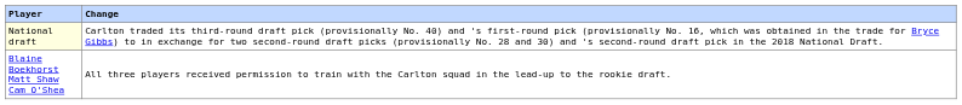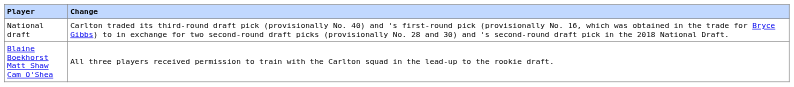 <table border="1" cellpadding="4" cellspacing="0"  style="text-align:left; font-size:95%; border-collapse:collapse; width:80%;">
 <tr style="background:#C1D8FF;">
 <th>Player</th>
 <th>Change</th>
 </tr>
 <tr>
-<td style="background: lightyellow;"> National draft</td>
+<td> National draft</td>
 <td>Carlton traded its third-round draft pick (provisionally No. 40) and 's first-round pick (provisionally No. 16, which was obtained in the trade for <a href='#'>Bryce Gibbs</a>) to  in exchange for two second-round draft picks (provisionally No. 28 and 30) and 's second-round draft pick in the 2018 National Draft.</td>
 </tr>
 <tr>
 <td> <a href='#'>Blaine Boekhorst</a><br> <a href='#'>Matt Shaw</a><br> <a href='#'>Cam O'Shea</a></td>
 <td>All three players received permission to train with the Carlton squad in the lead-up to the rookie draft.</td>
 </tr>
 </table>
